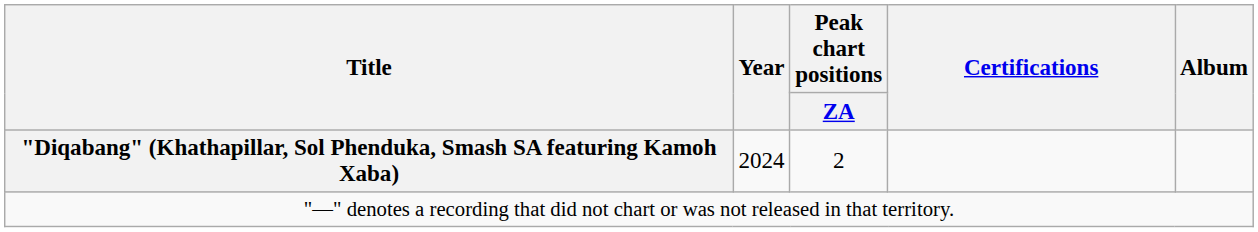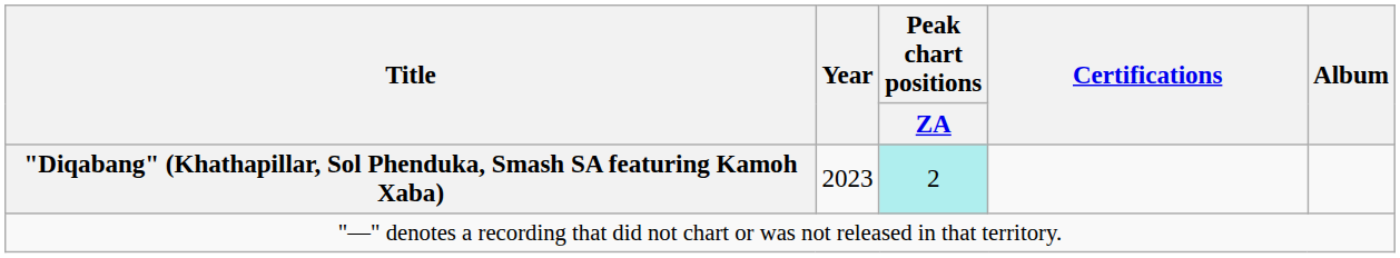 <table class="wikitable plainrowheaders" style="text-align:center;">
 <tr>
 <th scope="col" rowspan="2">Title</th>
 <th scope="col" rowspan="2">Year</th>
 <th scope="col" colspan="1">Peak chart positions</th>
 <th scope="col" rowspan="2" style="width:12em;"><a href='#'>Certifications</a></th>
 <th scope="col" rowspan="2">Album</th>
 </tr>
 <tr>
 <th scope="col" style="width:3em;font-size:100%;"><a href='#'>ZA</a><br></th>
 </tr>
 <tr>
 <th scope="row">"Diqabang" (Khathapillar, Sol Phenduka, Smash SA featuring Kamoh Xaba)</th>
-<td>2024</td>
-<td>2</td>
+<td>2023</td>
+<td style="background: paleturquoise;">2</td>
 <td></td>
 <td></td>
 </tr>
 <tr>
 <td colspan="8" style="font-size:90%">"—" denotes a recording that did not chart or was not released in that territory.</td>
 </tr>
 </table>
